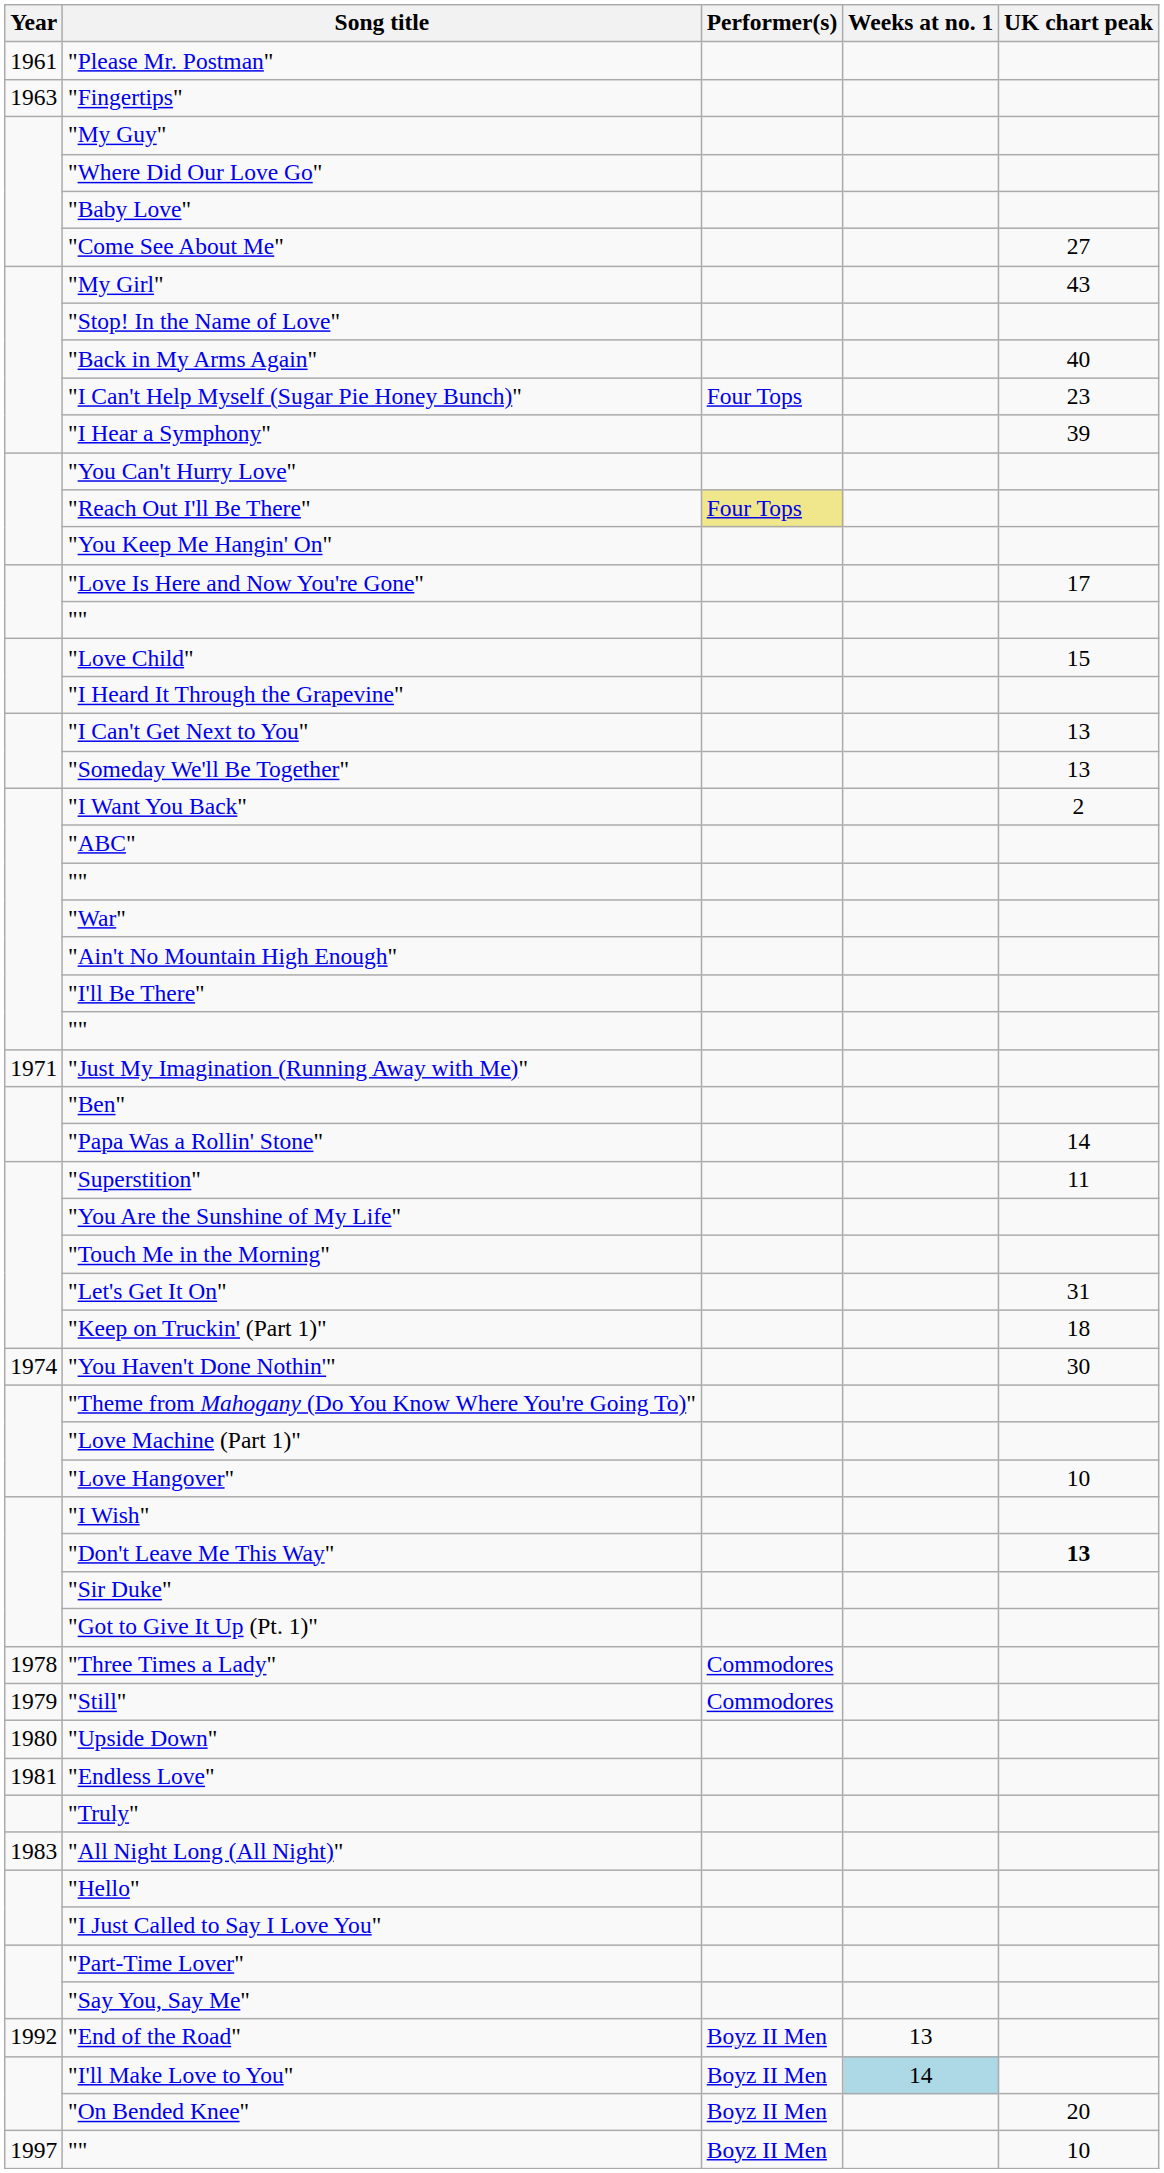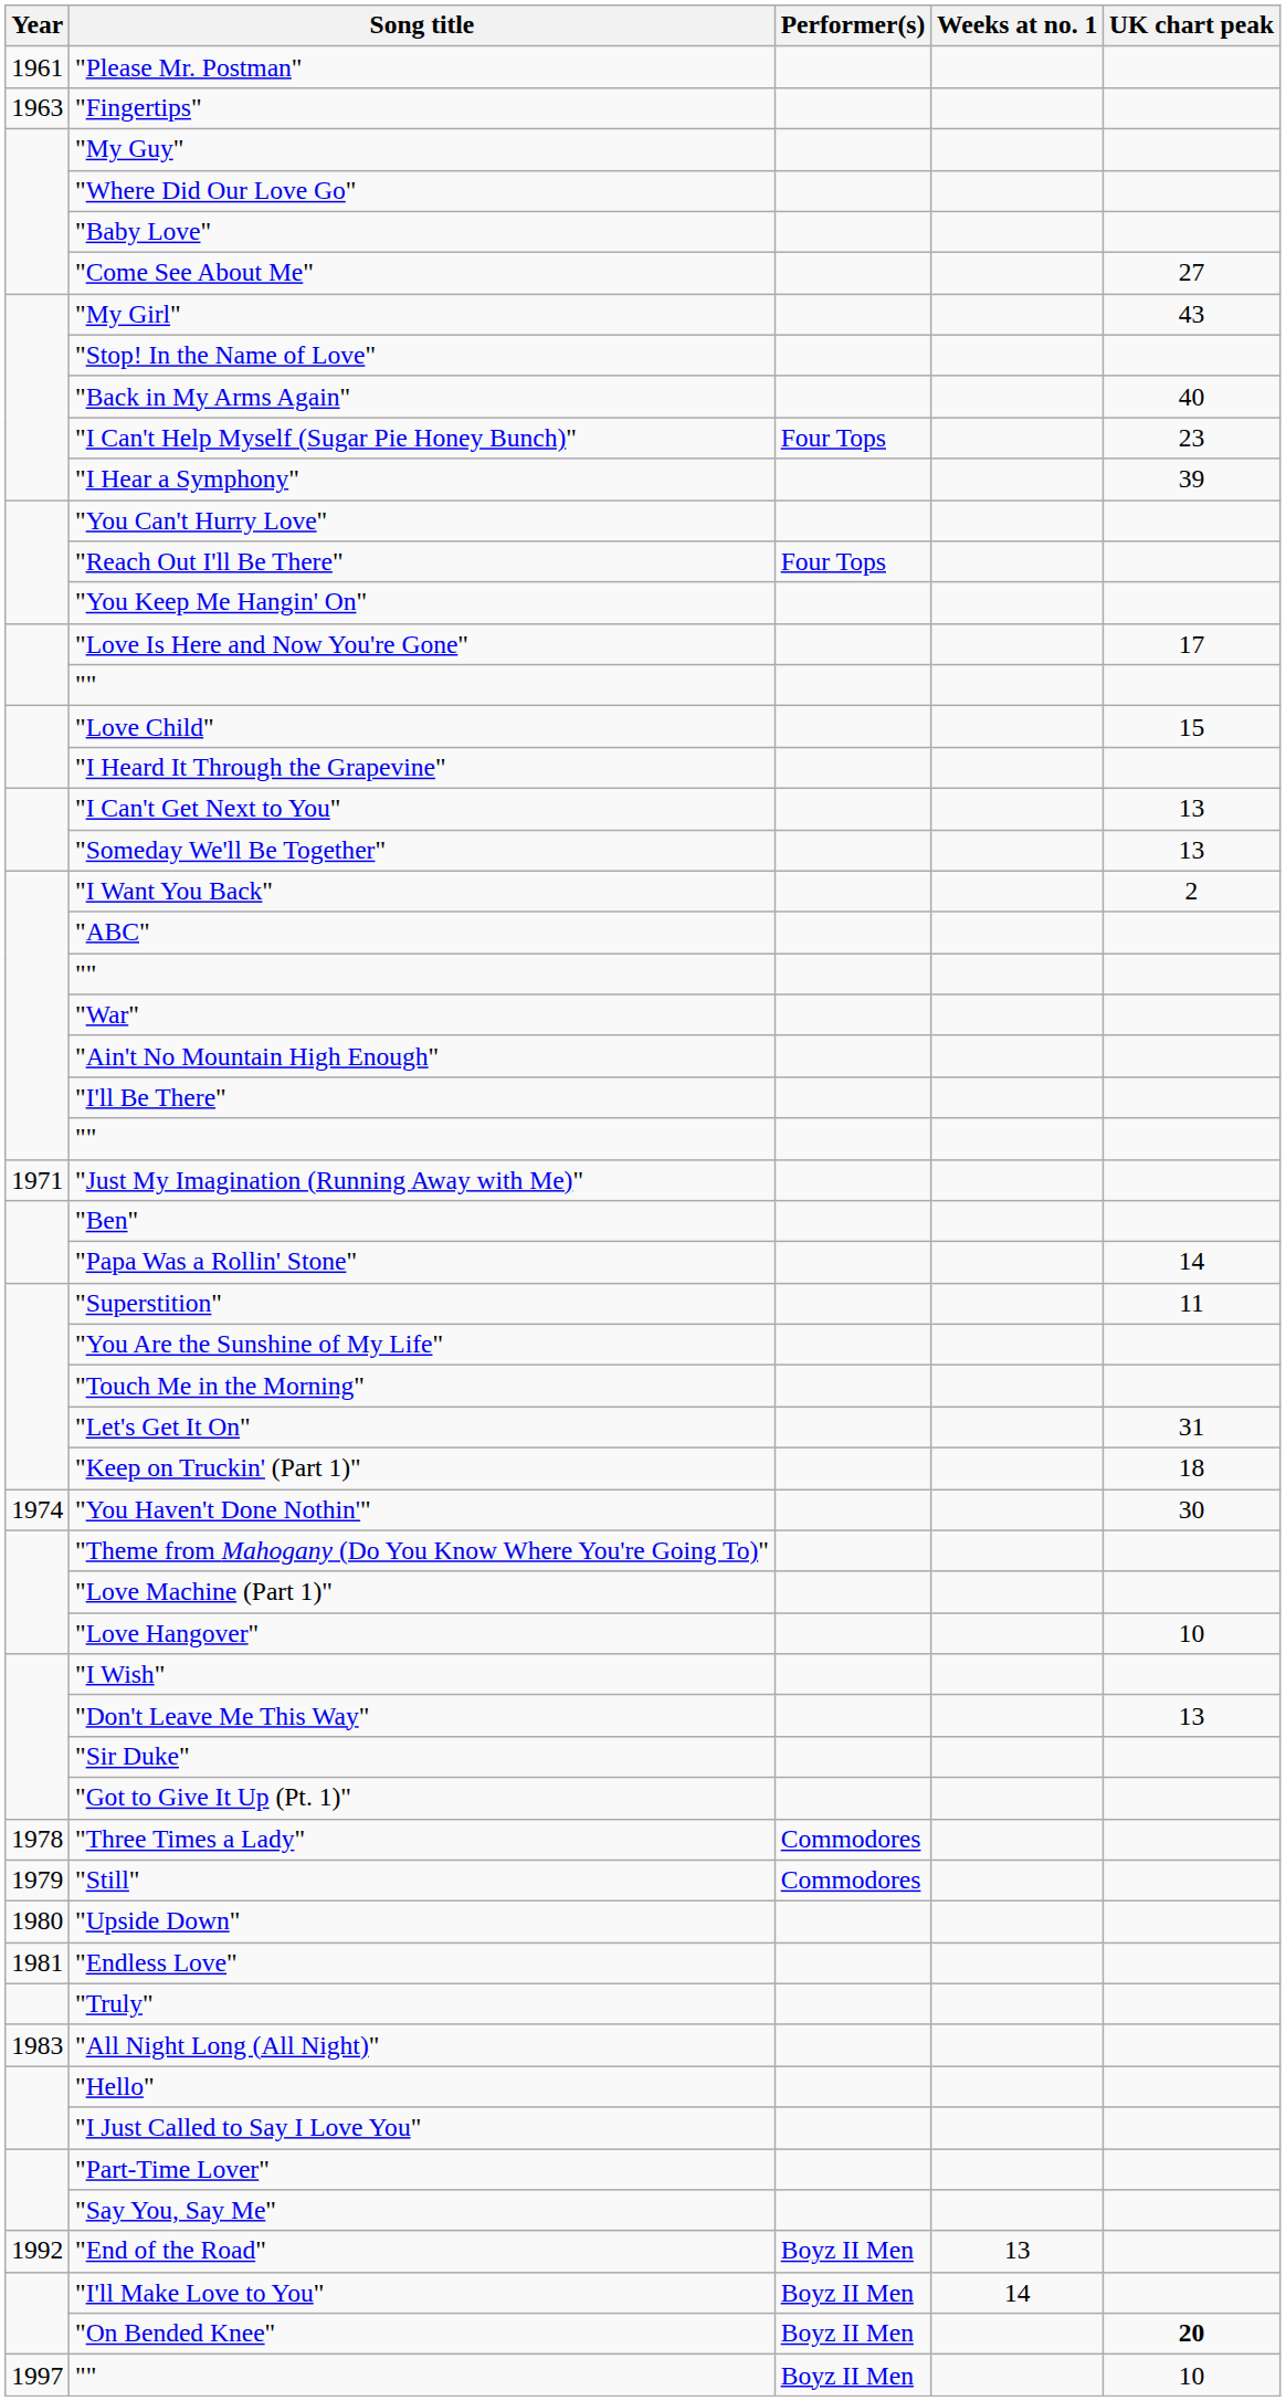 <table class="wikitable sortable">
 <tr>
 <th scope="col">Year</th>
 <th scope="col">Song title</th>
 <th scope="col">Performer(s)</th>
 <th scope="col">Weeks at no. 1</th>
 <th scope="col">UK chart peak</th>
 </tr>
 <tr>
 <td>1961</td>
 <td scope="row">"<a href='#'>Please Mr. Postman</a>"</td>
 <td></td>
 <td style="text-align:center;"></td>
 <td style="text-align:center;"></td>
 </tr>
 <tr>
 <td>1963</td>
 <td scope="row">"<a href='#'>Fingertips</a>"</td>
 <td></td>
 <td style="text-align:center;"></td>
 <td style="text-align:center;"></td>
 </tr>
 <tr>
 <td rowspan="4"></td>
 <td scope="row">"<a href='#'>My Guy</a>"</td>
 <td></td>
 <td style="text-align:center;"></td>
 <td style="text-align:center;"></td>
 </tr>
 <tr>
 <td scope="row">"<a href='#'>Where Did Our Love Go</a>"</td>
 <td></td>
 <td style="text-align:center;"></td>
 <td style="text-align:center;"></td>
 </tr>
 <tr>
 <td scope="row">"<a href='#'>Baby Love</a>"</td>
 <td></td>
 <td style="text-align:center;"></td>
 <td style="text-align:center;"></td>
 </tr>
 <tr>
 <td scope="row">"<a href='#'>Come See About Me</a>"</td>
 <td></td>
 <td style="text-align:center;"></td>
 <td style="text-align:center;">27</td>
 </tr>
 <tr>
 <td rowspan="5"></td>
 <td scope="row">"<a href='#'>My Girl</a>"</td>
 <td></td>
 <td style="text-align:center;"></td>
 <td style="text-align:center;">43</td>
 </tr>
 <tr>
 <td scope="row">"<a href='#'>Stop! In the Name of Love</a>"</td>
 <td></td>
 <td style="text-align:center;"></td>
 <td style="text-align:center;"></td>
 </tr>
 <tr>
 <td scope="row">"<a href='#'>Back in My Arms Again</a>"</td>
 <td></td>
 <td style="text-align:center;"></td>
 <td style="text-align:center;">40</td>
 </tr>
 <tr>
 <td scope="row">"<a href='#'>I Can't Help Myself (Sugar Pie Honey Bunch)</a>"</td>
 <td><a href='#'>Four Tops</a></td>
 <td style="text-align:center;"></td>
 <td style="text-align:center;">23</td>
 </tr>
 <tr>
 <td scope="row">"<a href='#'>I Hear a Symphony</a>"</td>
 <td></td>
 <td style="text-align:center;"></td>
 <td style="text-align:center;">39</td>
 </tr>
 <tr>
 <td rowspan="3"></td>
 <td scope="row">"<a href='#'>You Can't Hurry Love</a>"</td>
 <td></td>
 <td style="text-align:center;"></td>
 <td style="text-align:center;"></td>
 </tr>
 <tr>
 <td scope="row">"<a href='#'>Reach Out I'll Be There</a>"</td>
-<td style="background: khaki;"><a href='#'>Four Tops</a></td>
+<td><a href='#'>Four Tops</a></td>
 <td style="text-align:center;"></td>
 <td style="text-align:center;"></td>
 </tr>
 <tr>
 <td scope="row">"<a href='#'>You Keep Me Hangin' On</a>"</td>
 <td></td>
 <td style="text-align:center;"></td>
 <td style="text-align:center;"></td>
 </tr>
 <tr>
 <td rowspan="2"></td>
 <td scope="row">"<a href='#'>Love Is Here and Now You're Gone</a>"</td>
 <td></td>
 <td style="text-align:center;"></td>
 <td style="text-align:center;">17</td>
 </tr>
 <tr>
 <td scope="row">""</td>
 <td></td>
 <td style="text-align:center;"></td>
 <td style="text-align:center;"></td>
 </tr>
 <tr>
 <td rowspan="2"></td>
 <td scope="row">"<a href='#'>Love Child</a>"</td>
 <td></td>
 <td style="text-align:center;"></td>
 <td style="text-align:center;">15</td>
 </tr>
 <tr>
 <td scope="row">"<a href='#'>I Heard It Through the Grapevine</a>"</td>
 <td></td>
 <td style="text-align:center;"></td>
 <td style="text-align:center;"></td>
 </tr>
 <tr>
 <td rowspan="2"></td>
 <td scope="row">"<a href='#'>I Can't Get Next to You</a>"</td>
 <td></td>
 <td style="text-align:center;"></td>
 <td style="text-align:center;">13</td>
 </tr>
 <tr>
 <td scope="row">"<a href='#'>Someday We'll Be Together</a>"</td>
 <td></td>
 <td style="text-align:center;"></td>
 <td style="text-align:center;">13</td>
 </tr>
 <tr>
 <td rowspan="7"></td>
 <td scope="row">"<a href='#'>I Want You Back</a>"</td>
 <td></td>
 <td style="text-align:center;"></td>
 <td style="text-align:center;">2</td>
 </tr>
 <tr>
 <td scope="row">"<a href='#'>ABC</a>"</td>
 <td></td>
 <td style="text-align:center;"></td>
 <td style="text-align:center;"></td>
 </tr>
 <tr>
 <td scope="row">""</td>
 <td></td>
 <td style="text-align:center;"></td>
 <td style="text-align:center;"></td>
 </tr>
 <tr>
 <td scope="row">"<a href='#'>War</a>"</td>
 <td></td>
 <td style="text-align:center;"></td>
 <td style="text-align:center;"></td>
 </tr>
 <tr>
 <td scope="row">"<a href='#'>Ain't No Mountain High Enough</a>"</td>
 <td></td>
 <td style="text-align:center;"></td>
 <td style="text-align:center;"></td>
 </tr>
 <tr>
 <td scope="row">"<a href='#'>I'll Be There</a>"</td>
 <td></td>
 <td style="text-align:center;"></td>
 <td style="text-align:center;"></td>
 </tr>
 <tr>
 <td scope="row">""</td>
 <td></td>
 <td style="text-align:center;"></td>
 <td style="text-align:center;"></td>
 </tr>
 <tr>
 <td>1971</td>
 <td scope="row">"<a href='#'>Just My Imagination (Running Away with Me)</a>"</td>
 <td></td>
 <td style="text-align:center;"></td>
 <td style="text-align:center;"></td>
 </tr>
 <tr>
 <td rowspan="2"></td>
 <td scope="row">"<a href='#'>Ben</a>"</td>
 <td></td>
 <td style="text-align:center;"></td>
 <td style="text-align:center;"></td>
 </tr>
 <tr>
 <td scope="row">"<a href='#'>Papa Was a Rollin' Stone</a>"</td>
 <td></td>
 <td style="text-align:center;"></td>
 <td style="text-align:center;">14</td>
 </tr>
 <tr>
 <td rowspan="5"></td>
 <td scope="row">"<a href='#'>Superstition</a>"</td>
 <td></td>
 <td style="text-align:center;"></td>
 <td style="text-align:center;">11</td>
 </tr>
 <tr>
 <td scope="row">"<a href='#'>You Are the Sunshine of My Life</a>"</td>
 <td></td>
 <td style="text-align:center;"></td>
 <td style="text-align:center;"></td>
 </tr>
 <tr>
 <td scope="row">"<a href='#'>Touch Me in the Morning</a>"</td>
 <td></td>
 <td style="text-align:center;"></td>
 <td style="text-align:center;"></td>
 </tr>
 <tr>
 <td scope="row">"<a href='#'>Let's Get It On</a>"</td>
 <td></td>
 <td style="text-align:center;"></td>
 <td style="text-align:center;">31</td>
 </tr>
 <tr>
 <td scope="row">"<a href='#'>Keep on Truckin'</a> (Part 1)"</td>
 <td></td>
 <td style="text-align:center;"></td>
 <td style="text-align:center;">18</td>
 </tr>
 <tr>
 <td>1974</td>
 <td scope="row">"<a href='#'>You Haven't Done Nothin'</a>"</td>
 <td></td>
 <td style="text-align:center;"></td>
 <td style="text-align:center;">30</td>
 </tr>
 <tr>
 <td rowspan="3"></td>
 <td scope="row">"<a href='#'>Theme from <em>Mahogany</em> (Do You Know Where You're Going To)</a>"</td>
 <td></td>
 <td style="text-align:center;"></td>
 <td style="text-align:center;"></td>
 </tr>
 <tr>
 <td scope="row">"<a href='#'>Love Machine</a> (Part 1)"</td>
 <td></td>
 <td style="text-align:center;"></td>
 <td style="text-align:center;"></td>
 </tr>
 <tr>
 <td scope="row">"<a href='#'>Love Hangover</a>"</td>
 <td></td>
 <td style="text-align:center;"></td>
 <td style="text-align:center;">10</td>
 </tr>
 <tr>
 <td rowspan="4"></td>
 <td scope="row">"<a href='#'>I Wish</a>"</td>
 <td></td>
 <td style="text-align:center;"></td>
 <td style="text-align:center;"></td>
 </tr>
 <tr>
 <td scope="row">"<a href='#'>Don't Leave Me This Way</a>"</td>
 <td></td>
 <td style="text-align:center;"></td>
-<td style="text-align:center;"><strong>13</strong></td>
+<td style="text-align:center;">13</td>
 </tr>
 <tr>
 <td scope="row">"<a href='#'>Sir Duke</a>"</td>
 <td></td>
 <td style="text-align:center;"></td>
 <td style="text-align:center;"></td>
 </tr>
 <tr>
 <td scope="row">"<a href='#'>Got to Give It Up</a> (Pt. 1)"</td>
 <td></td>
 <td style="text-align:center;"></td>
 <td style="text-align:center;"></td>
 </tr>
 <tr>
 <td>1978</td>
 <td scope="row">"<a href='#'>Three Times a Lady</a>"</td>
 <td><a href='#'>Commodores</a></td>
 <td style="text-align:center;"></td>
 <td style="text-align:center;"></td>
 </tr>
 <tr>
 <td>1979</td>
 <td scope="row">"<a href='#'>Still</a>"</td>
 <td><a href='#'>Commodores</a></td>
 <td style="text-align:center;"></td>
 <td style="text-align:center;"></td>
 </tr>
 <tr>
 <td>1980</td>
 <td scope="row">"<a href='#'>Upside Down</a>"</td>
 <td></td>
 <td style="text-align:center;"></td>
 <td style="text-align:center;"></td>
 </tr>
 <tr>
 <td scope="row">1981</td>
 <td>"<a href='#'>Endless Love</a>"</td>
 <td></td>
 <td style="text-align:center;"></td>
 <td style="text-align:center;"></td>
 </tr>
 <tr>
 <td></td>
 <td scope="row">"<a href='#'>Truly</a>"</td>
 <td></td>
 <td style="text-align:center;"></td>
 <td style="text-align:center;"></td>
 </tr>
 <tr>
 <td>1983</td>
 <td scope="row">"<a href='#'>All Night Long (All Night)</a>"</td>
 <td></td>
 <td style="text-align:center;"></td>
 <td style="text-align:center;"></td>
 </tr>
 <tr>
 <td rowspan="2"></td>
 <td scope="row">"<a href='#'>Hello</a>"</td>
 <td></td>
 <td style="text-align:center;"></td>
 <td style="text-align:center;"></td>
 </tr>
 <tr>
 <td scope="row">"<a href='#'>I Just Called to Say I Love You</a>"</td>
 <td></td>
 <td style="text-align:center;"></td>
 <td style="text-align:center;"></td>
 </tr>
 <tr>
 <td rowspan="2"></td>
 <td scope="row">"<a href='#'>Part-Time Lover</a>"</td>
 <td></td>
 <td style="text-align:center;"></td>
 <td style="text-align:center;"></td>
 </tr>
 <tr>
 <td scope="row">"<a href='#'>Say You, Say Me</a>"</td>
 <td></td>
 <td style="text-align:center;"></td>
 <td style="text-align:center;"></td>
 </tr>
 <tr>
 <td>1992</td>
 <td scope="row">"<a href='#'>End of the Road</a>"</td>
 <td><a href='#'>Boyz II Men</a></td>
 <td style="text-align:center;">13</td>
 <td style="text-align:center;"></td>
 </tr>
 <tr>
 <td rowspan="2"></td>
 <td scope="row">"<a href='#'>I'll Make Love to You</a>"</td>
 <td><a href='#'>Boyz II Men</a></td>
-<td style="background: lightblue; text-align:center;">14</td>
+<td style="text-align:center;">14</td>
 <td style="text-align:center;"></td>
 </tr>
 <tr>
 <td scope="row">"<a href='#'>On Bended Knee</a>"</td>
 <td><a href='#'>Boyz II Men</a></td>
 <td style="text-align:center;"></td>
-<td style="text-align:center;">20</td>
+<td style="text-align:center;"><strong>20</strong></td>
 </tr>
 <tr>
 <td>1997</td>
 <td scope="row">""</td>
 <td><a href='#'>Boyz II Men</a></td>
 <td style="text-align:center;"></td>
 <td style="text-align:center;">10</td>
 </tr>
 </table>
